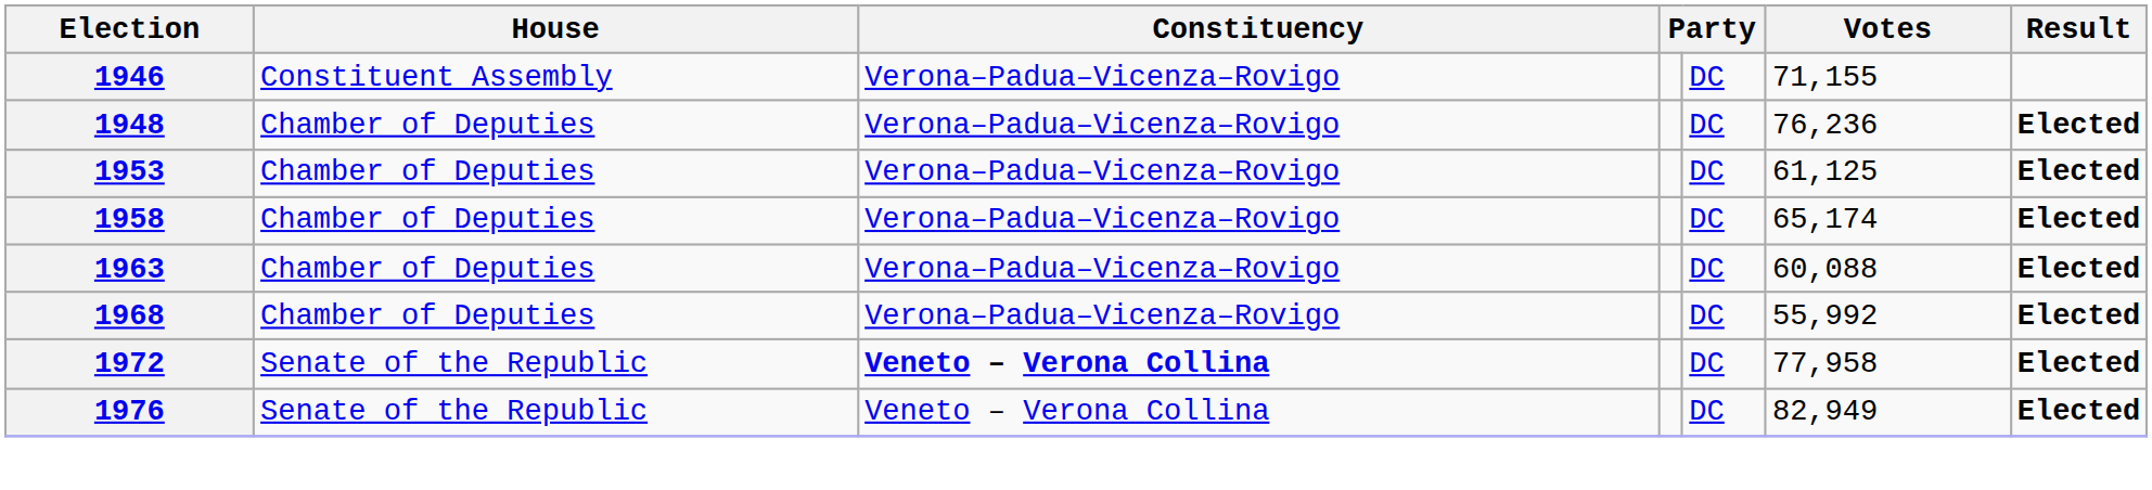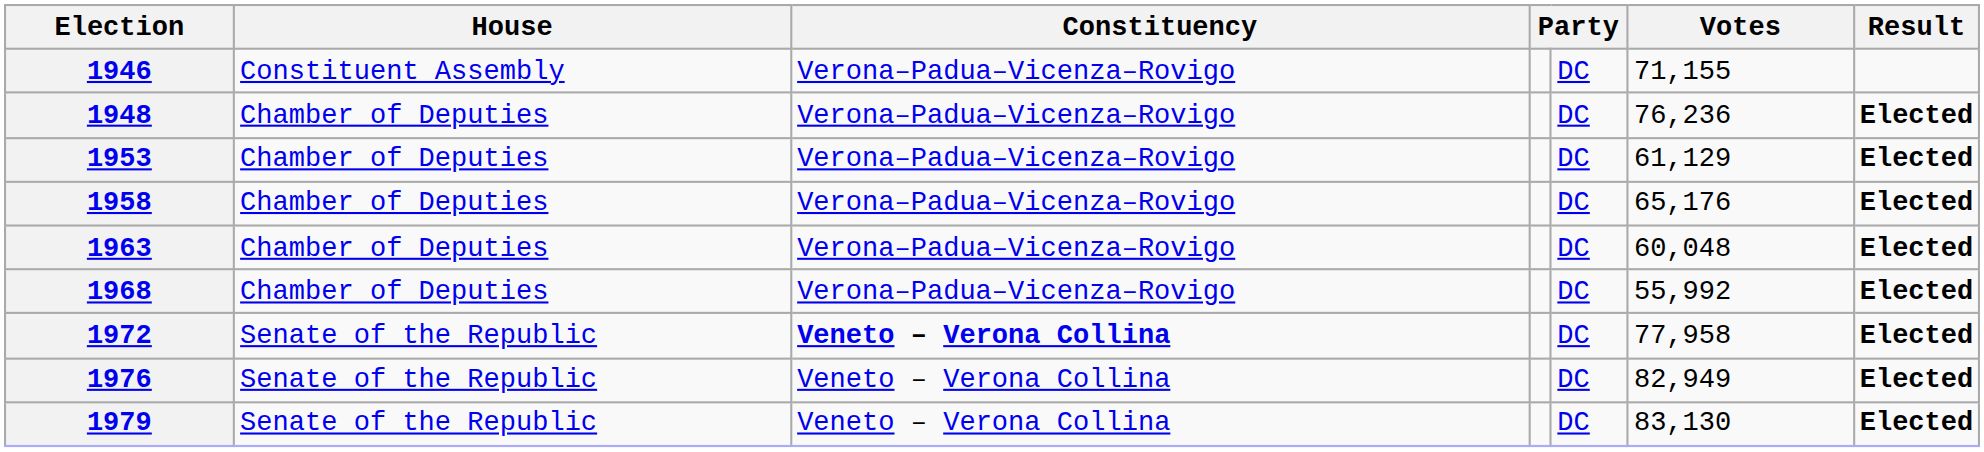 <table class=wikitable style="width:60%; border:1px #AAAAFF solid">
 <tr>
 <th width=12%>Election</th>
 <th width=30%>House</th>
 <th width=40%>Constituency</th>
 <th width=5% colspan="2">Party</th>
 <th width=12%>Votes</th>
 <th width=12%>Result</th>
 </tr>
 <tr>
 <th><a href='#'>1946</a></th>
 <td><a href='#'>Constituent Assembly</a></td>
 <td><a href='#'>Verona–Padua–Vicenza–Rovigo</a></td>
 <td></td>
 <td><a href='#'>DC</a></td>
 <td>71,155</td>
 <td></td>
 </tr>
 <tr>
 <th><a href='#'>1948</a></th>
 <td><a href='#'>Chamber of Deputies</a></td>
 <td><a href='#'>Verona–Padua–Vicenza–Rovigo</a></td>
 <td></td>
 <td><a href='#'>DC</a></td>
 <td>76,236</td>
 <td> <strong>Elected</strong></td>
 </tr>
 <tr>
 <th><a href='#'>1953</a></th>
 <td><a href='#'>Chamber of Deputies</a></td>
 <td><a href='#'>Verona–Padua–Vicenza–Rovigo</a></td>
 <td></td>
 <td><a href='#'>DC</a></td>
-<td>61,125</td>
+<td>61,129</td>
 <td> <strong>Elected</strong></td>
 </tr>
 <tr>
 <th><a href='#'>1958</a></th>
 <td><a href='#'>Chamber of Deputies</a></td>
 <td><a href='#'>Verona–Padua–Vicenza–Rovigo</a></td>
 <td></td>
 <td><a href='#'>DC</a></td>
-<td>65,174</td>
+<td>65,176</td>
 <td> <strong>Elected</strong></td>
 </tr>
 <tr>
 <th><a href='#'>1963</a></th>
 <td><a href='#'>Chamber of Deputies</a></td>
 <td><a href='#'>Verona–Padua–Vicenza–Rovigo</a></td>
 <td></td>
 <td><a href='#'>DC</a></td>
-<td>60,088</td>
+<td>60,048</td>
 <td> <strong>Elected</strong></td>
 </tr>
 <tr>
 <th><a href='#'>1968</a></th>
 <td><a href='#'>Chamber of Deputies</a></td>
 <td><a href='#'>Verona–Padua–Vicenza–Rovigo</a></td>
 <td></td>
 <td><a href='#'>DC</a></td>
 <td>55,992</td>
 <td> <strong>Elected</strong></td>
 </tr>
 <tr>
 <th><a href='#'>1972</a></th>
 <td><a href='#'>Senate of the Republic</a></td>
 <td><strong><a href='#'>Veneto</a> – <a href='#'>Verona Collina</a></strong></td>
 <td></td>
 <td><a href='#'>DC</a></td>
 <td>77,958</td>
 <td> <strong>Elected</strong></td>
 </tr>
 <tr>
 <th><a href='#'>1976</a></th>
 <td><a href='#'>Senate of the Republic</a></td>
 <td><a href='#'>Veneto</a> – <a href='#'>Verona Collina</a></td>
 <td></td>
 <td><a href='#'>DC</a></td>
 <td>82,949</td>
 <td> <strong>Elected</strong></td>
 </tr>
 <tr>
+<th><a href='#'>1979</a></th>
+<td><a href='#'>Senate of the Republic</a></td>
+<td><a href='#'>Veneto</a> – <a href='#'>Verona Collina</a></td>
+<td></td>
+<td><a href='#'>DC</a></td>
+<td>83,130</td>
+<td> <strong>Elected</strong></td>
+</tr>
+<tr>
 </tr>
 </table>
